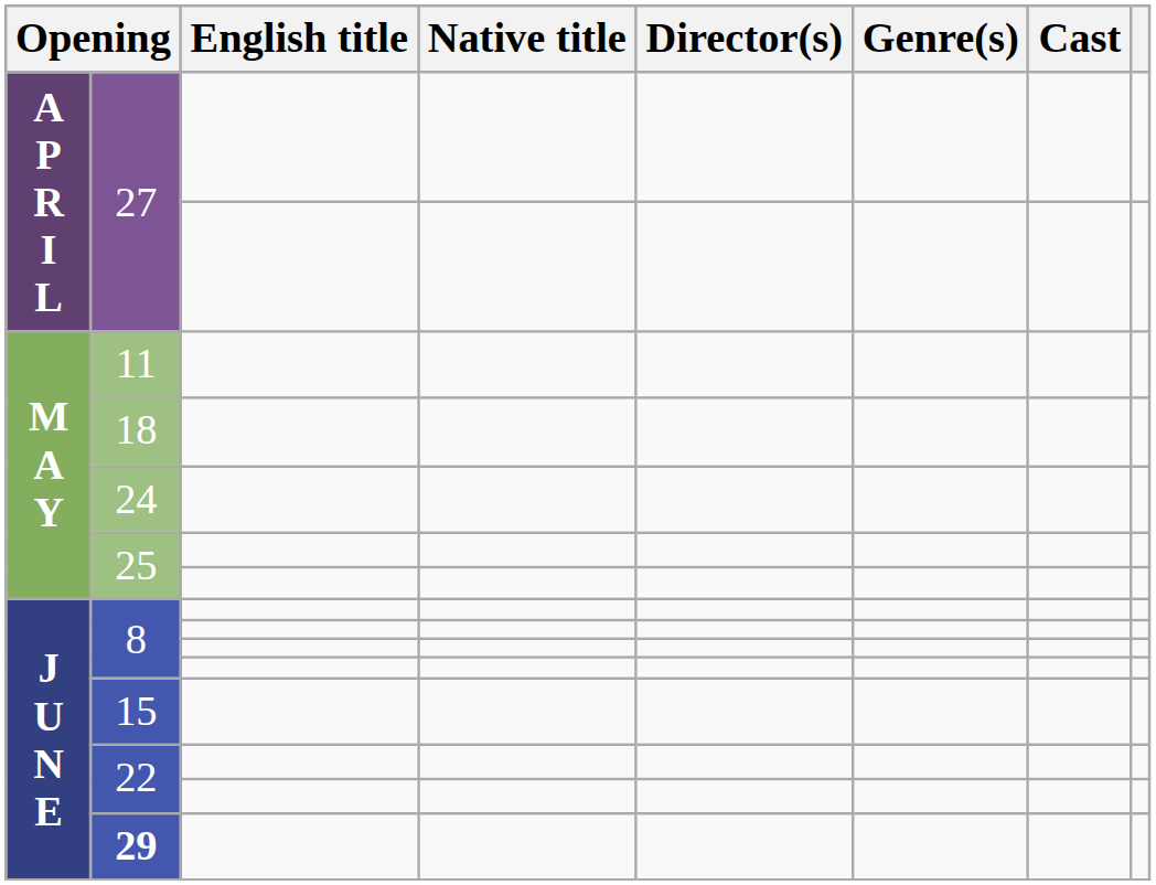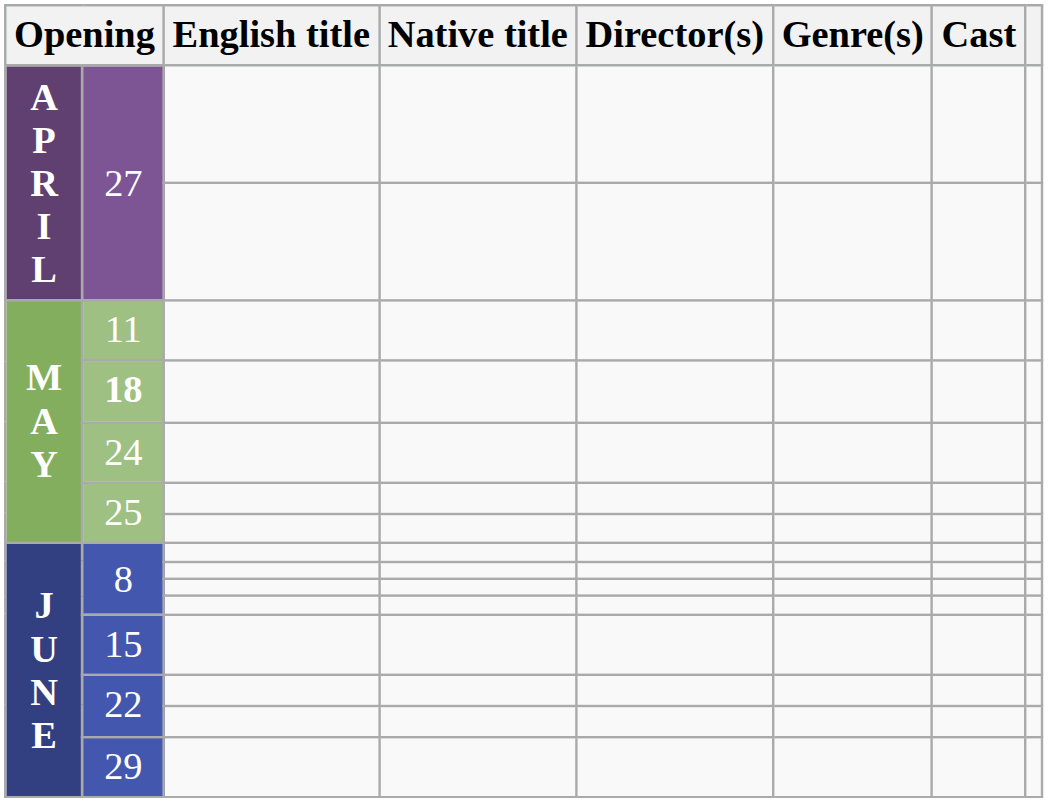 <table class="wikitable sortable">
 <tr style="background:#b0e0e6; text-align:center">
 <th colspan="2">Opening</th>
 <th>English title</th>
 <th>Native title</th>
 <th>Director(s)</th>
 <th>Genre(s)</th>
 <th>Cast</th>
 <th></th>
 </tr>
 <tr>
 <th rowspan="2" style="text-align:center; background:#604071; color:white;">A<br>P<br>R<br>I<br>L</th>
 <td rowspan="2" style="text-align:center; background:#7D5494; color:white;">27</td>
 <td></td>
 <td></td>
 <td></td>
 <td></td>
 <td></td>
 <td></td>
 </tr>
 <tr>
 <td></td>
 <td></td>
 <td></td>
 <td></td>
 <td></td>
 <td></td>
 </tr>
 <tr>
 <th rowspan="5" style="text-align:center; background:#82AE5E; color:white;">M<br>A<br>Y</th>
 <td rowspan="1" style="text-align:center; background:#9EC083; color:white;">11</td>
 <td></td>
 <td></td>
 <td></td>
 <td></td>
 <td></td>
 <td></td>
 </tr>
 <tr>
-<td rowspan="1" style="text-align:center; background:#9EC083; color:white;">18</td>
+<td rowspan="1" style="text-align:center; background:#9EC083; color:white;"><strong>18</strong></td>
 <td></td>
 <td></td>
 <td></td>
 <td></td>
 <td></td>
 <td></td>
 </tr>
 <tr>
 <td rowspan="1" style="text-align:center; background:#9EC083; color:white;">24</td>
 <td></td>
 <td></td>
 <td></td>
 <td></td>
 <td></td>
 <td></td>
 </tr>
 <tr>
 <td rowspan="2" style="text-align:center; background:#9EC083; color:white;">25</td>
 <td></td>
 <td></td>
 <td></td>
 <td></td>
 <td></td>
 <td></td>
 </tr>
 <tr>
 <td></td>
 <td></td>
 <td></td>
 <td></td>
 <td></td>
 <td></td>
 </tr>
 <tr>
 <th rowspan="8" style="text-align:center; background:#324081; color:white;">J<br>U<br>N<br>E</th>
 <td rowspan="4" style="text-align:center; background:#4457AE; color:white;">8</td>
 <td></td>
 <td></td>
 <td></td>
 <td></td>
 <td></td>
 <td></td>
 </tr>
 <tr>
 <td></td>
 <td></td>
 <td></td>
 <td></td>
 <td></td>
 <td></td>
 </tr>
 <tr>
 <td></td>
 <td></td>
 <td></td>
 <td></td>
 <td></td>
 <td></td>
 </tr>
 <tr>
 <td></td>
 <td></td>
 <td></td>
 <td></td>
 <td></td>
 <td></td>
 </tr>
 <tr>
 <td rowspan="1" style="text-align:center; background:#4457AE; color:white;">15</td>
 <td></td>
 <td></td>
 <td></td>
 <td></td>
 <td></td>
 <td></td>
 </tr>
 <tr>
 <td rowspan="2" style="text-align:center; background:#4457AE; color:white;">22</td>
 <td></td>
 <td></td>
 <td></td>
 <td></td>
 <td></td>
 <td></td>
 </tr>
 <tr>
 <td></td>
 <td></td>
 <td></td>
 <td></td>
 <td></td>
 <td></td>
 </tr>
 <tr>
-<td rowspan="1" style="text-align:center; background:#4457AE; color:white;"><strong>29</strong></td>
+<td rowspan="1" style="text-align:center; background:#4457AE; color:white;">29</td>
 <td></td>
 <td></td>
 <td></td>
 <td></td>
 <td></td>
 <td></td>
 </tr>
 </table>
